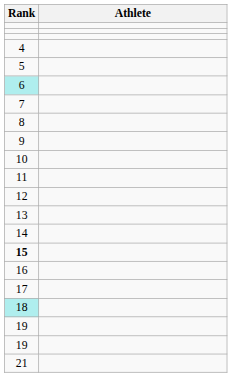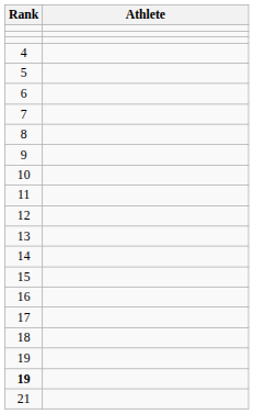 <table class="wikitable" style="text-align: center;">
 <tr>
 <th width=40>Rank</th>
 <th width=250>Athlete</th>
 </tr>
 <tr>
 <td></td>
 <td align="left"></td>
 </tr>
 <tr>
 <td></td>
 <td align="left"></td>
 </tr>
 <tr>
 <td></td>
 <td align="left"></td>
 </tr>
 <tr>
 <td>4</td>
 <td align="left"></td>
 </tr>
 <tr>
 <td>5</td>
 <td align="left"></td>
 </tr>
 <tr>
-<td style="background: paleturquoise;">6</td>
+<td>6</td>
 <td align="left"></td>
 </tr>
 <tr>
 <td>7</td>
 <td align="left"></td>
 </tr>
 <tr>
 <td>8</td>
 <td align="left"></td>
 </tr>
 <tr>
 <td>9</td>
 <td align="left"></td>
 </tr>
 <tr>
 <td>10</td>
 <td align="left"></td>
 </tr>
 <tr>
 <td>11</td>
 <td align="left"></td>
 </tr>
 <tr>
 <td>12</td>
 <td align="left"></td>
 </tr>
 <tr>
 <td>13</td>
 <td align="left"></td>
 </tr>
 <tr>
 <td>14</td>
 <td align="left"></td>
 </tr>
 <tr>
-<td><strong>15</strong></td>
+<td>15</td>
 <td align="left"></td>
 </tr>
 <tr>
 <td>16</td>
 <td align="left"></td>
 </tr>
 <tr>
 <td>17</td>
 <td align="left"></td>
 </tr>
 <tr>
-<td style="background: paleturquoise;">18</td>
+<td>18</td>
 <td align="left"></td>
 </tr>
 <tr>
 <td>19</td>
 <td align="left"></td>
 </tr>
 <tr>
-<td>19</td>
+<td><strong>19</strong></td>
 <td align="left"></td>
 </tr>
 <tr>
 <td>21</td>
 <td align="left"></td>
 </tr>
 </table>
